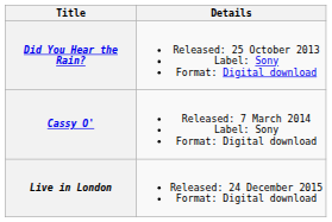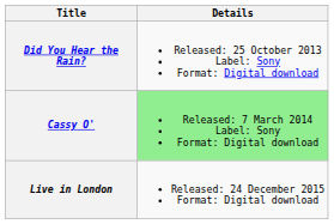 <table class="wikitable plainrowheaders" style="text-align:center;">
 <tr>
 <th scope="col" style="width:13em;">Title</th>
 <th scope="col" style="width:19em;">Details</th>
 </tr>
 <tr>
 <th scope="row"><em><a href='#'>Did You Hear the Rain?</a></em></th>
 <td><br><ul><li>Released: 25 October 2013</li><li>Label: <a href='#'>Sony</a></li><li>Format: <a href='#'>Digital download</a></li></ul></td>
 </tr>
 <tr>
 <th scope="row"><em><a href='#'>Cassy O'</a></em></th>
-<td><br><ul><li>Released: 7 March 2014</li><li>Label: Sony</li><li>Format: Digital download</li></ul></td>
+<td style="background: lightgreen;"><br><ul><li>Released: 7 March 2014</li><li>Label: Sony</li><li>Format: Digital download</li></ul></td>
 </tr>
 <tr>
 <th scope="row"><em>Live in London</em></th>
 <td><br><ul><li>Released: 24 December 2015</li><li>Format: Digital download</li></ul></td>
 </tr>
 </table>
